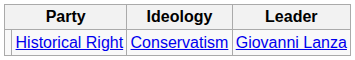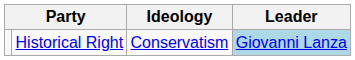 <table class=wikitable style="font-size:100%">
 <tr>
 <th colspan=2>Party</th>
 <th>Ideology</th>
 <th>Leader</th>
 </tr>
 <tr>
 <td style="color:inherit;background:"></td>
 <td><a href='#'>Historical Right</a></td>
 <td><a href='#'>Conservatism</a></td>
-<td><a href='#'>Giovanni Lanza</a></td>
+<td style="background: lightblue;"><a href='#'>Giovanni Lanza</a></td>
 </tr>
 <tr>
 </tr>
 </table>
